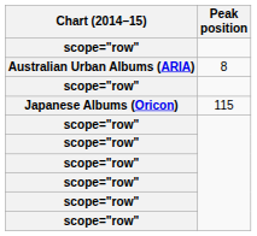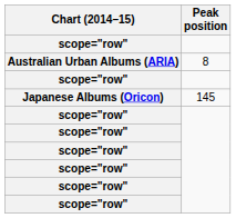 <table class="wikitable sortable plainrowheaders">
 <tr>
 <th scope="col">Chart (2014–15)</th>
 <th scope="col">Peak<br>position</th>
 </tr>
 <tr>
 <th>scope="row"</th>
 </tr>
 <tr>
 <th scope="row">Australian Urban Albums (<a href='#'>ARIA</a>)</th>
 <td style="text-align:center;">8</td>
 </tr>
 <tr>
 <th>scope="row"</th>
 </tr>
 <tr>
 <th scope="row">Japanese Albums (<a href='#'>Oricon</a>)</th>
-<td style="text-align:center;">115</td>
+<td style="text-align:center;">145</td>
 </tr>
 <tr>
 <th>scope="row"</th>
 </tr>
 <tr>
 <th>scope="row"</th>
 </tr>
 <tr>
 <th>scope="row"</th>
 </tr>
 <tr>
 <th>scope="row"</th>
 </tr>
 <tr>
 <th>scope="row"</th>
 </tr>
 <tr>
 <th>scope="row"</th>
 </tr>
 </table>
